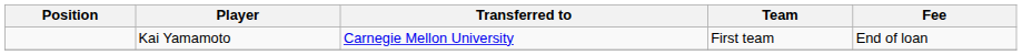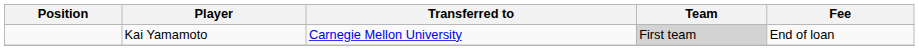 <table class="wikitable sortable" style="width:90%;text-align:left">
 <tr>
 <th>Position</th>
 <th>Player</th>
 <th>Transferred to</th>
 <th>Team</th>
 <th>Fee</th>
 </tr>
 <tr>
 <td></td>
 <td> Kai Yamamoto</td>
 <td> <a href='#'>Carnegie Mellon University</a></td>
-<td>First team</td>
+<td style="background: lightgrey;">First team</td>
 <td>End of loan </td>
 </tr>
 <tr>
 </tr>
 </table>
